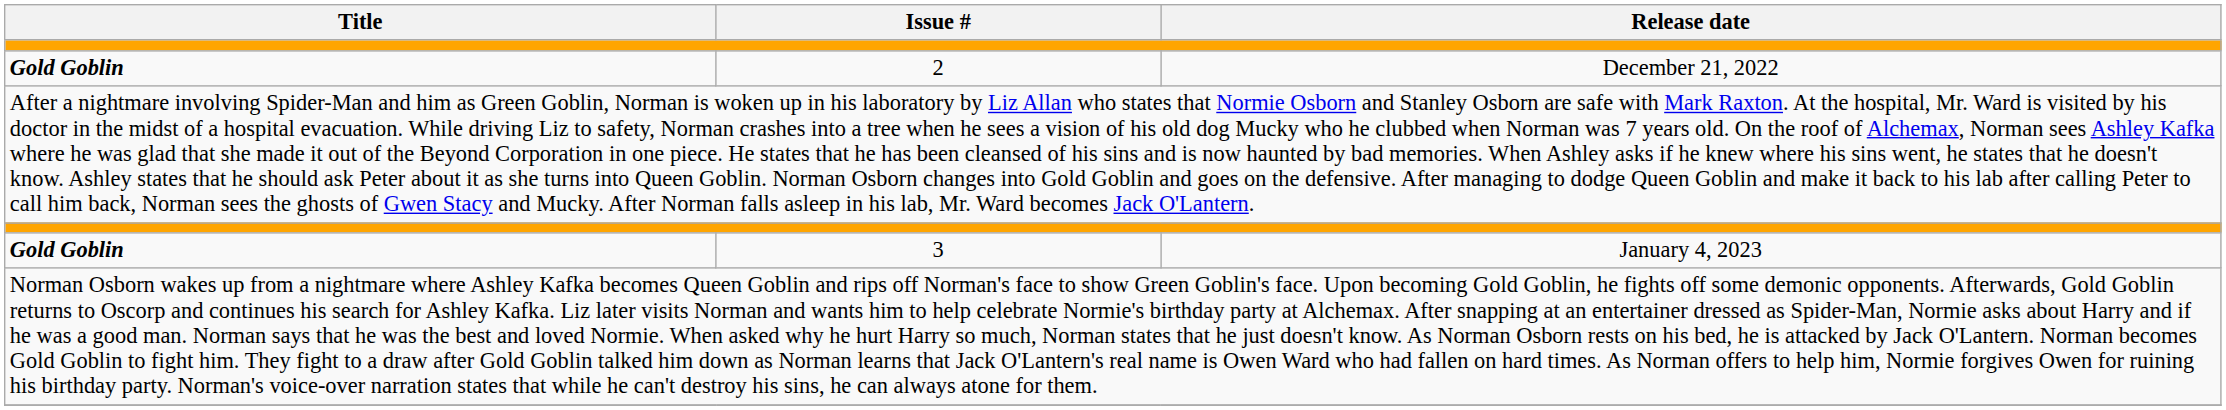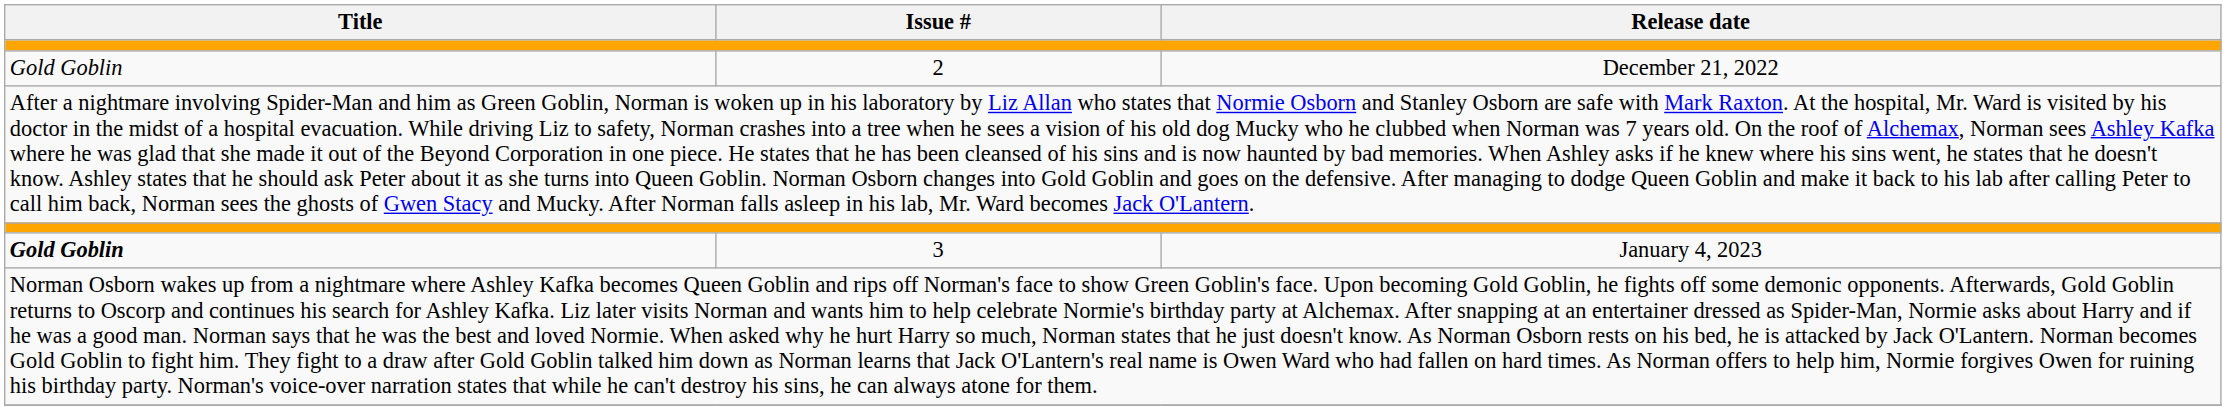 <table class="wikitable" style="width:100%;">
 <tr>
 <th>Title</th>
 <th>Issue #</th>
 <th>Release date</th>
 </tr>
 <tr>
 <td colspan="6" style="background:orange"></td>
 </tr>
 <tr>
-<td><strong><em>Gold Goblin</em></strong></td>
+<td><em>Gold Goblin</em></td>
 <td style="text-align:center;">2</td>
 <td style="text-align:center;">December 21, 2022</td>
 </tr>
 <tr>
 <td colspan="6">After a nightmare involving Spider-Man and him as Green Goblin, Norman is woken up in his laboratory by <a href='#'>Liz Allan</a> who states that <a href='#'>Normie Osborn</a> and Stanley Osborn are safe with <a href='#'>Mark Raxton</a>. At the hospital, Mr. Ward is visited by his doctor in the midst of a hospital evacuation. While driving Liz to safety, Norman crashes into a tree when he sees a vision of his old dog Mucky who he clubbed when Norman was 7 years old. On the roof of <a href='#'>Alchemax</a>, Norman sees <a href='#'>Ashley Kafka</a> where he was glad that she made it out of the Beyond Corporation in one piece. He states that he has been cleansed of his sins and is now haunted by bad memories. When Ashley asks if he knew where his sins went, he states that he doesn't know. Ashley states that he should ask Peter about it as she turns into Queen Goblin. Norman Osborn changes into Gold Goblin and goes on the defensive. After managing to dodge Queen Goblin and make it back to his lab after calling Peter to call him back, Norman sees the ghosts of <a href='#'>Gwen Stacy</a> and Mucky. After Norman falls asleep in his lab, Mr. Ward becomes <a href='#'>Jack O'Lantern</a>.</td>
 </tr>
 <tr>
 <td colspan="6" style="background:orange"></td>
 </tr>
 <tr>
 <td><strong><em>Gold Goblin</em></strong></td>
 <td style="text-align:center;">3</td>
 <td style="text-align:center;">January 4, 2023</td>
 </tr>
 <tr>
 <td colspan="6">Norman Osborn wakes up from a nightmare where Ashley Kafka becomes Queen Goblin and rips off Norman's face to show Green Goblin's face. Upon becoming Gold Goblin, he fights off some demonic opponents. Afterwards, Gold Goblin returns to Oscorp and continues his search for Ashley Kafka. Liz later visits Norman and wants him to help celebrate Normie's birthday party at Alchemax. After snapping at an entertainer dressed as Spider-Man, Normie asks about Harry and if he was a good man. Norman says that he was the best and loved Normie. When asked why he hurt Harry so much, Norman states that he just doesn't know. As Norman Osborn rests on his bed, he is attacked by Jack O'Lantern. Norman becomes Gold Goblin to fight him. They fight to a draw after Gold Goblin talked him down as Norman learns that Jack O'Lantern's real name is Owen Ward who had fallen on hard times. As Norman offers to help him, Normie forgives Owen for ruining his birthday party. Norman's voice-over narration states that while he can't destroy his sins, he can always atone for them.</td>
 </tr>
 <tr>
 </tr>
 </table>
